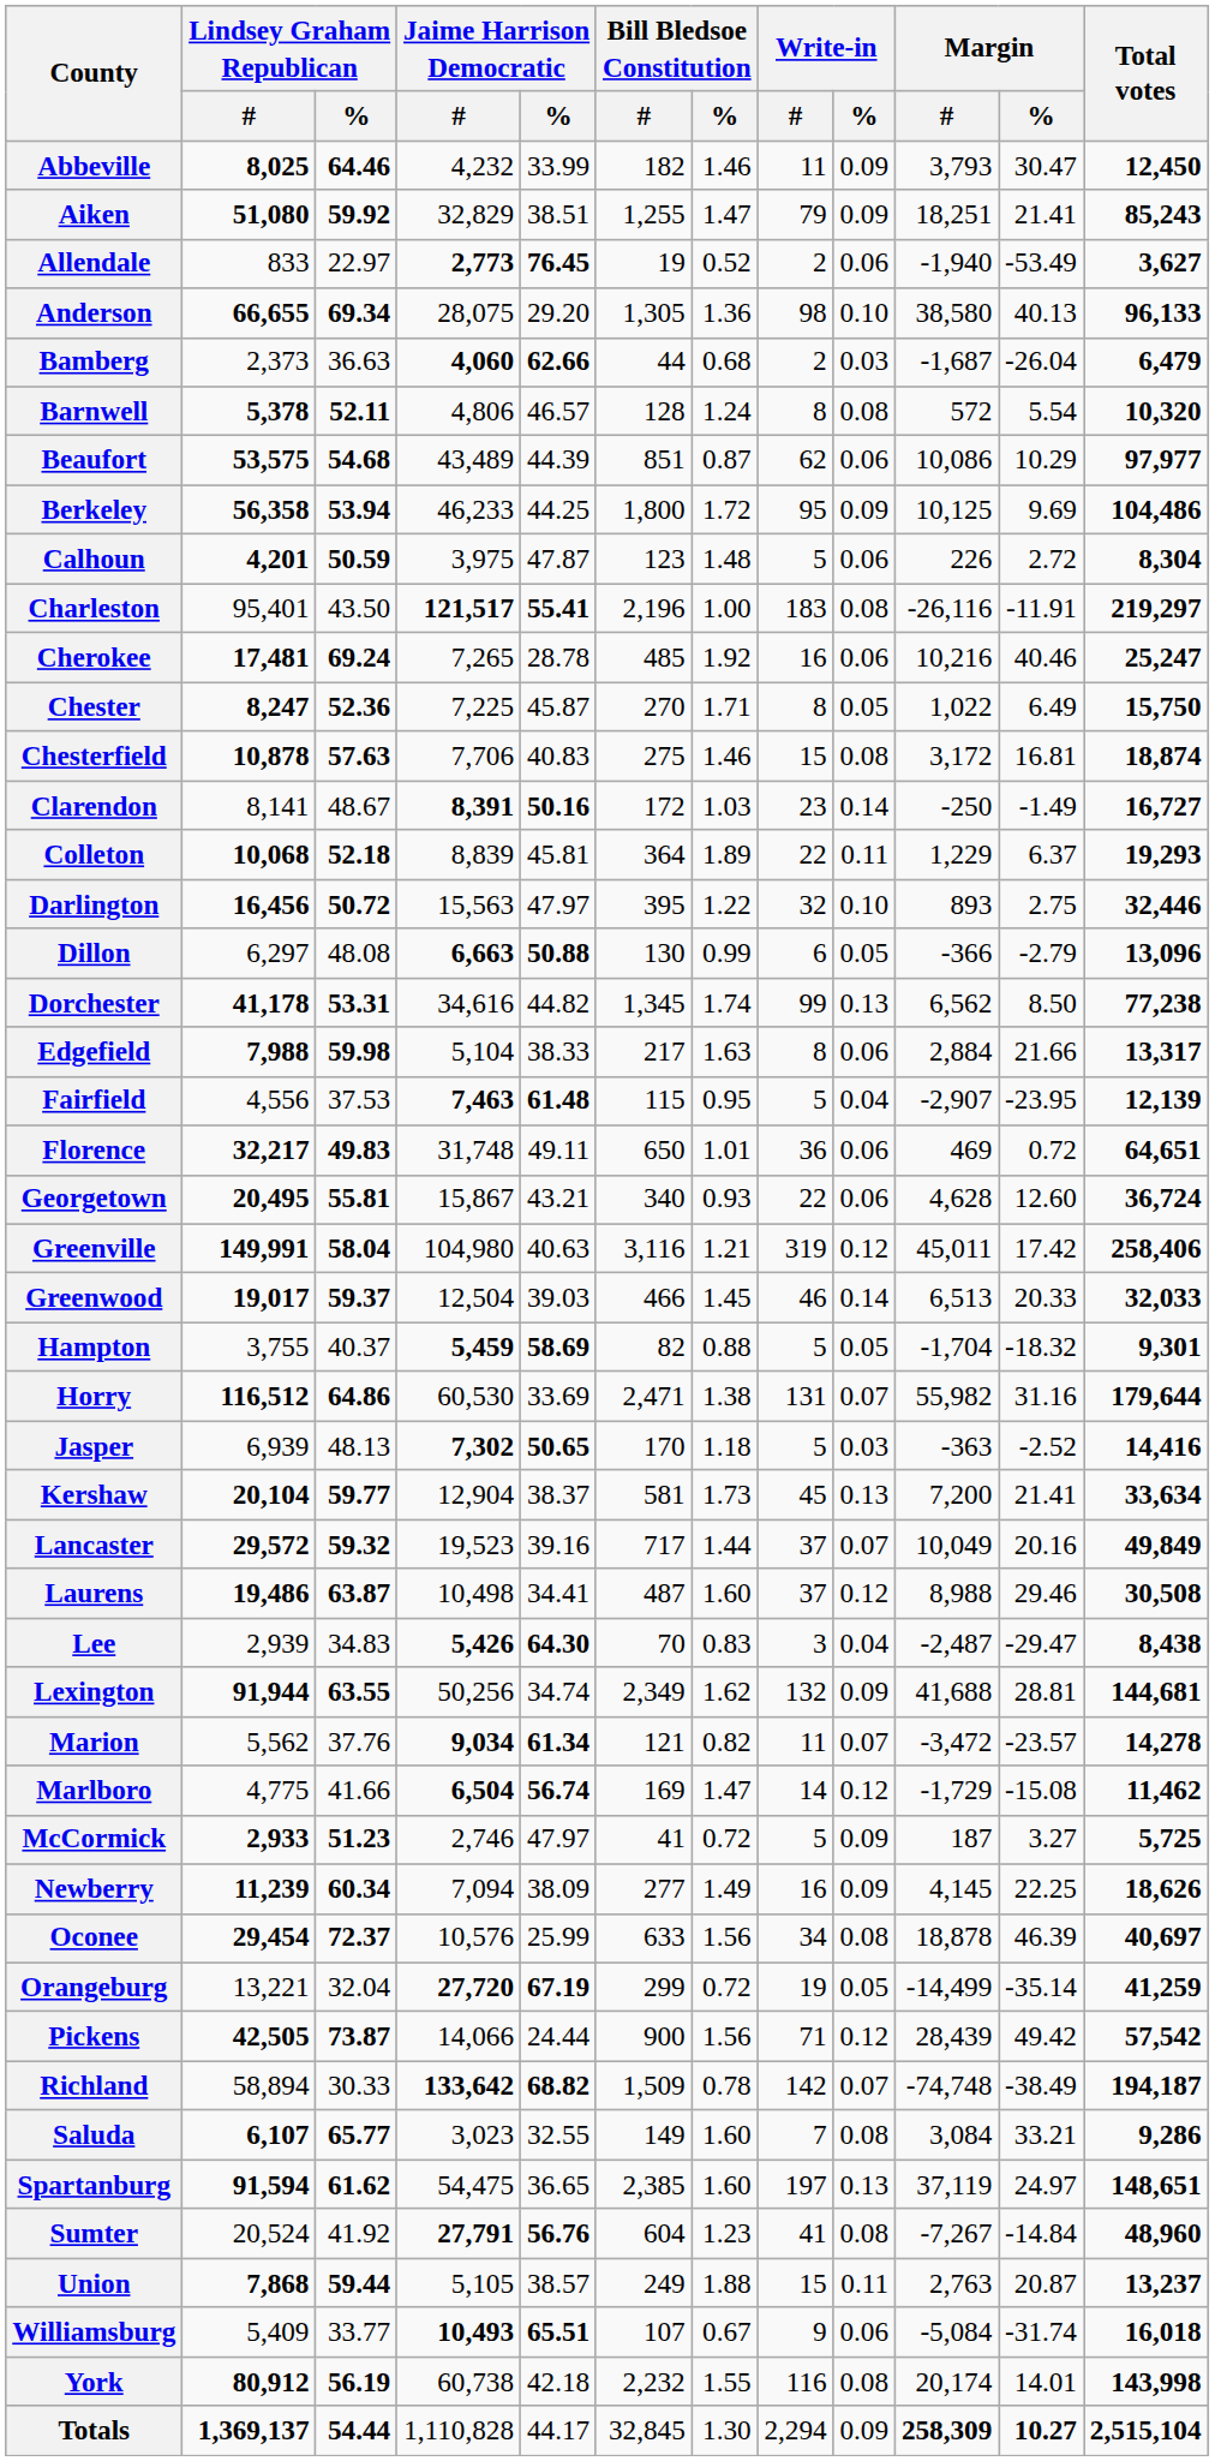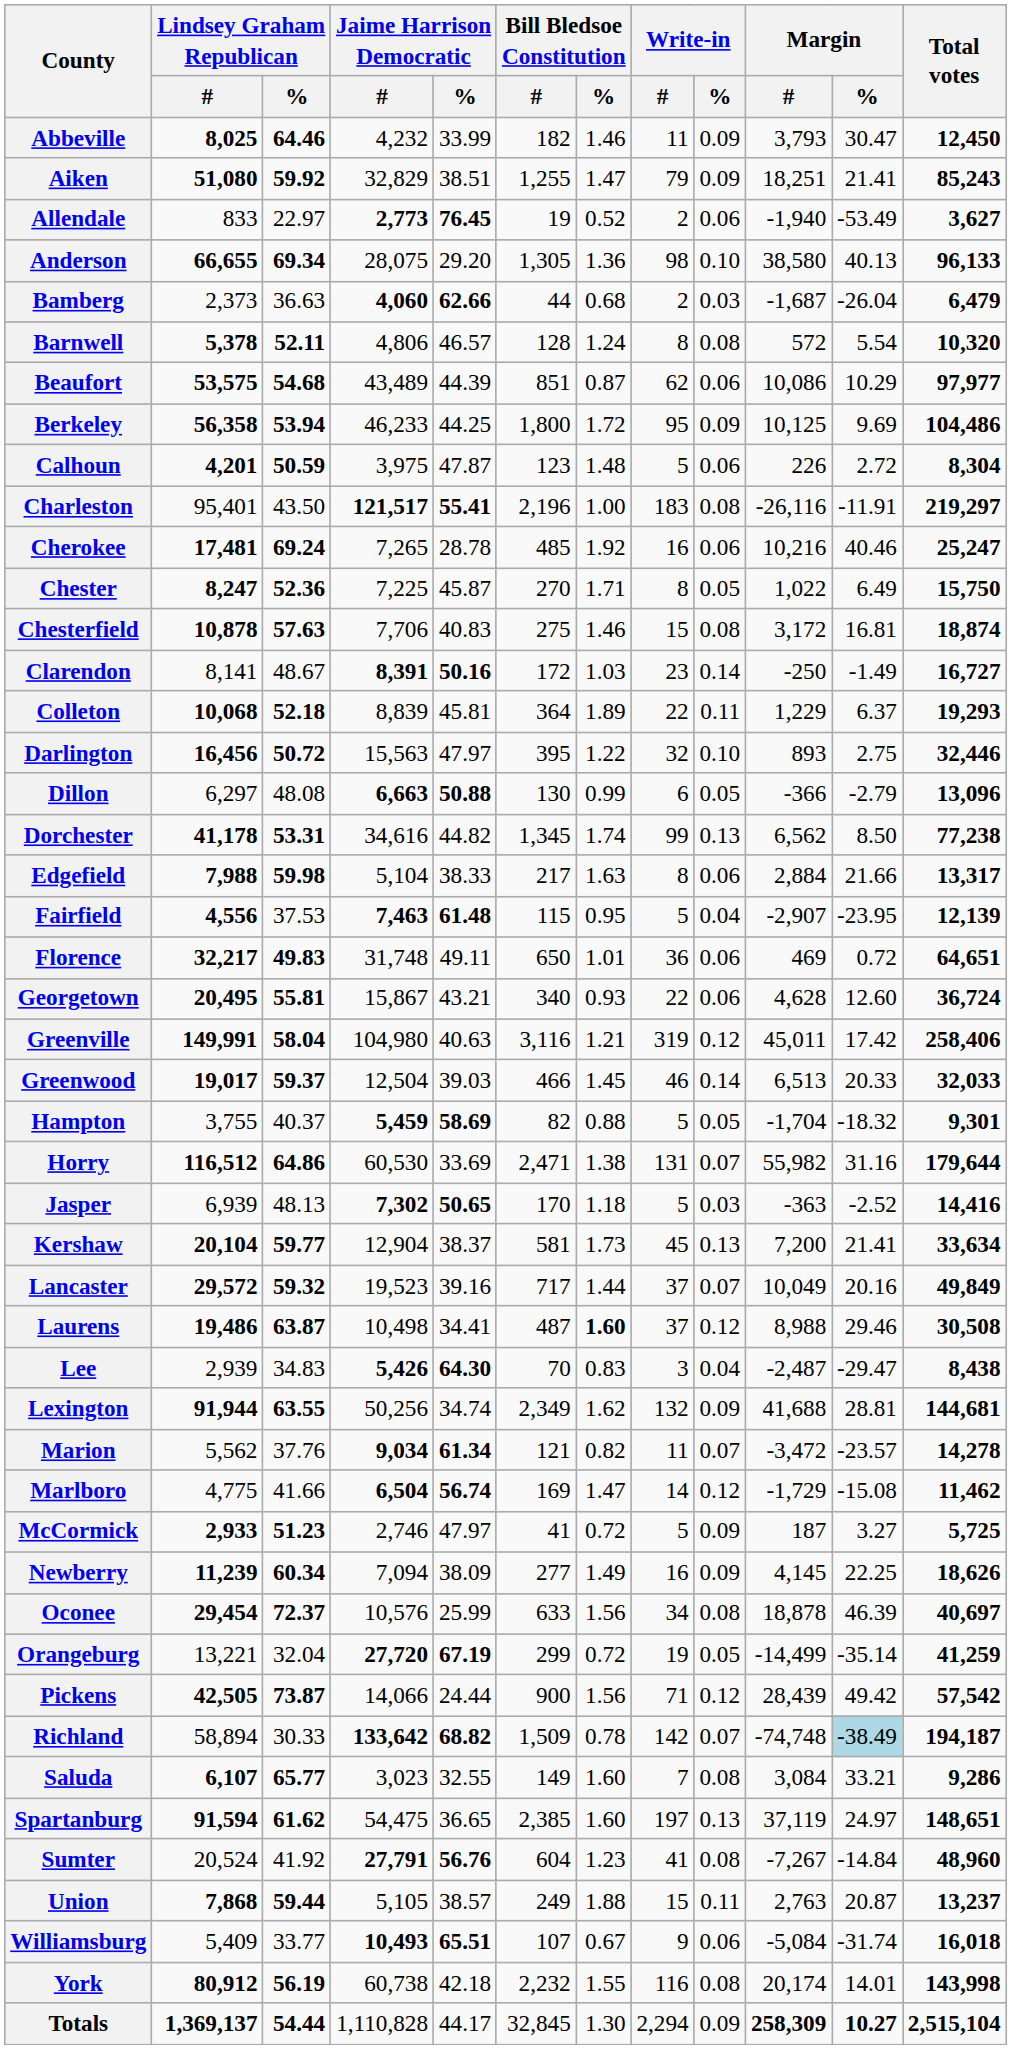 <table class="wikitable sortable" style="text-align:right;font-size:90%;line-height:1.3">
 <tr>
 <th rowspan="2">County</th>
 <th colspan="2"><a href='#'>Lindsey Graham</a><br><a href='#'>Republican</a></th>
 <th colspan="2"><a href='#'>Jaime Harrison</a><br><a href='#'>Democratic</a></th>
 <th colspan="2">Bill Bledsoe<br><a href='#'>Constitution</a></th>
 <th colspan="2"><a href='#'>Write-in</a></th>
 <th colspan="2">Margin</th>
 <th rowspan="2">Total<br>votes</th>
 </tr>
 <tr>
 <th data-sort-type="number">#</th>
 <th data-sort-type="number">%</th>
 <th data-sort-type="number">#</th>
 <th data-sort-type="number">%</th>
 <th data-sort-type="number">#</th>
 <th data-sort-type="number">%</th>
 <th data-sort-type="number">#</th>
 <th data-sort-type="number">%</th>
 <th data-sort-type="number">#</th>
 <th data-sort-type="number">%</th>
 </tr>
 <tr>
 <th><a href='#'>Abbeville</a></th>
 <td><strong>8,025</strong></td>
 <td><strong>64.46</strong></td>
 <td>4,232</td>
 <td>33.99</td>
 <td>182</td>
 <td>1.46</td>
 <td>11</td>
 <td>0.09</td>
 <td>3,793</td>
 <td>30.47</td>
 <td><strong>12,450</strong></td>
 </tr>
 <tr>
 <th><a href='#'>Aiken</a></th>
 <td><strong>51,080</strong></td>
 <td><strong>59.92</strong></td>
 <td>32,829</td>
 <td>38.51</td>
 <td>1,255</td>
 <td>1.47</td>
 <td>79</td>
 <td>0.09</td>
 <td>18,251</td>
 <td>21.41</td>
 <td><strong>85,243</strong></td>
 </tr>
 <tr>
 <th><a href='#'>Allendale</a></th>
 <td>833</td>
 <td>22.97</td>
 <td><strong>2,773</strong></td>
 <td><strong>76.45</strong></td>
 <td>19</td>
 <td>0.52</td>
 <td>2</td>
 <td>0.06</td>
 <td>-1,940</td>
 <td>-53.49</td>
 <td><strong>3,627</strong></td>
 </tr>
 <tr>
 <th><a href='#'>Anderson</a></th>
 <td><strong>66,655</strong></td>
 <td><strong>69.34</strong></td>
 <td>28,075</td>
 <td>29.20</td>
 <td>1,305</td>
 <td>1.36</td>
 <td>98</td>
 <td>0.10</td>
 <td>38,580</td>
 <td>40.13</td>
 <td><strong>96,133</strong></td>
 </tr>
 <tr>
 <th><a href='#'>Bamberg</a></th>
 <td>2,373</td>
 <td>36.63</td>
 <td><strong>4,060</strong></td>
 <td><strong>62.66</strong></td>
 <td>44</td>
 <td>0.68</td>
 <td>2</td>
 <td>0.03</td>
 <td>-1,687</td>
 <td>-26.04</td>
 <td><strong>6,479</strong></td>
 </tr>
 <tr>
 <th><a href='#'>Barnwell</a></th>
 <td><strong>5,378</strong></td>
 <td><strong>52.11</strong></td>
 <td>4,806</td>
 <td>46.57</td>
 <td>128</td>
 <td>1.24</td>
 <td>8</td>
 <td>0.08</td>
 <td>572</td>
 <td>5.54</td>
 <td><strong>10,320</strong></td>
 </tr>
 <tr>
 <th><a href='#'>Beaufort</a></th>
 <td><strong>53,575</strong></td>
 <td><strong>54.68</strong></td>
 <td>43,489</td>
 <td>44.39</td>
 <td>851</td>
 <td>0.87</td>
 <td>62</td>
 <td>0.06</td>
 <td>10,086</td>
 <td>10.29</td>
 <td><strong>97,977</strong></td>
 </tr>
 <tr>
 <th><a href='#'>Berkeley</a></th>
 <td><strong>56,358</strong></td>
 <td><strong>53.94</strong></td>
 <td>46,233</td>
 <td>44.25</td>
 <td>1,800</td>
 <td>1.72</td>
 <td>95</td>
 <td>0.09</td>
 <td>10,125</td>
 <td>9.69</td>
 <td><strong>104,486</strong></td>
 </tr>
 <tr>
 <th><a href='#'>Calhoun</a></th>
 <td><strong>4,201</strong></td>
 <td><strong>50.59</strong></td>
 <td>3,975</td>
 <td>47.87</td>
 <td>123</td>
 <td>1.48</td>
 <td>5</td>
 <td>0.06</td>
 <td>226</td>
 <td>2.72</td>
 <td><strong>8,304</strong></td>
 </tr>
 <tr>
 <th><a href='#'>Charleston</a></th>
 <td>95,401</td>
 <td>43.50</td>
 <td><strong>121,517</strong></td>
 <td><strong>55.41</strong></td>
 <td>2,196</td>
 <td>1.00</td>
 <td>183</td>
 <td>0.08</td>
 <td>-26,116</td>
 <td>-11.91</td>
 <td><strong>219,297</strong></td>
 </tr>
 <tr>
 <th><a href='#'>Cherokee</a></th>
 <td><strong>17,481</strong></td>
 <td><strong>69.24</strong></td>
 <td>7,265</td>
 <td>28.78</td>
 <td>485</td>
 <td>1.92</td>
 <td>16</td>
 <td>0.06</td>
 <td>10,216</td>
 <td>40.46</td>
 <td><strong>25,247</strong></td>
 </tr>
 <tr>
 <th><a href='#'>Chester</a></th>
 <td><strong>8,247</strong></td>
 <td><strong>52.36</strong></td>
 <td>7,225</td>
 <td>45.87</td>
 <td>270</td>
 <td>1.71</td>
 <td>8</td>
 <td>0.05</td>
 <td>1,022</td>
 <td>6.49</td>
 <td><strong>15,750</strong></td>
 </tr>
 <tr>
 <th><a href='#'>Chesterfield</a></th>
 <td><strong>10,878</strong></td>
 <td><strong>57.63</strong></td>
 <td>7,706</td>
 <td>40.83</td>
 <td>275</td>
 <td>1.46</td>
 <td>15</td>
 <td>0.08</td>
 <td>3,172</td>
 <td>16.81</td>
 <td><strong>18,874</strong></td>
 </tr>
 <tr>
 <th><a href='#'>Clarendon</a></th>
 <td>8,141</td>
 <td>48.67</td>
 <td><strong>8,391</strong></td>
 <td><strong>50.16</strong></td>
 <td>172</td>
 <td>1.03</td>
 <td>23</td>
 <td>0.14</td>
 <td>-250</td>
 <td>-1.49</td>
 <td><strong>16,727</strong></td>
 </tr>
 <tr>
 <th><a href='#'>Colleton</a></th>
 <td><strong>10,068</strong></td>
 <td><strong>52.18</strong></td>
 <td>8,839</td>
 <td>45.81</td>
 <td>364</td>
 <td>1.89</td>
 <td>22</td>
 <td>0.11</td>
 <td>1,229</td>
 <td>6.37</td>
 <td><strong>19,293</strong></td>
 </tr>
 <tr>
 <th><a href='#'>Darlington</a></th>
 <td><strong>16,456</strong></td>
 <td><strong>50.72</strong></td>
 <td>15,563</td>
 <td>47.97</td>
 <td>395</td>
 <td>1.22</td>
 <td>32</td>
 <td>0.10</td>
 <td>893</td>
 <td>2.75</td>
 <td><strong>32,446</strong></td>
 </tr>
 <tr>
 <th><a href='#'>Dillon</a></th>
 <td>6,297</td>
 <td>48.08</td>
 <td><strong>6,663</strong></td>
 <td><strong>50.88</strong></td>
 <td>130</td>
 <td>0.99</td>
 <td>6</td>
 <td>0.05</td>
 <td>-366</td>
 <td>-2.79</td>
 <td><strong>13,096</strong></td>
 </tr>
 <tr>
 <th><a href='#'>Dorchester</a></th>
 <td><strong>41,178</strong></td>
 <td><strong>53.31</strong></td>
 <td>34,616</td>
 <td>44.82</td>
 <td>1,345</td>
 <td>1.74</td>
 <td>99</td>
 <td>0.13</td>
 <td>6,562</td>
 <td>8.50</td>
 <td><strong>77,238</strong></td>
 </tr>
 <tr>
 <th><a href='#'>Edgefield</a></th>
 <td><strong>7,988</strong></td>
 <td><strong>59.98</strong></td>
 <td>5,104</td>
 <td>38.33</td>
 <td>217</td>
 <td>1.63</td>
 <td>8</td>
 <td>0.06</td>
 <td>2,884</td>
 <td>21.66</td>
 <td><strong>13,317</strong></td>
 </tr>
 <tr>
 <th><a href='#'>Fairfield</a></th>
-<td>4,556</td>
+<td><strong>4,556</strong></td>
 <td>37.53</td>
 <td><strong>7,463</strong></td>
 <td><strong>61.48</strong></td>
 <td>115</td>
 <td>0.95</td>
 <td>5</td>
 <td>0.04</td>
 <td>-2,907</td>
 <td>-23.95</td>
 <td><strong>12,139</strong></td>
 </tr>
 <tr>
 <th><a href='#'>Florence</a></th>
 <td><strong>32,217</strong></td>
 <td><strong>49.83</strong></td>
 <td>31,748</td>
 <td>49.11</td>
 <td>650</td>
 <td>1.01</td>
 <td>36</td>
 <td>0.06</td>
 <td>469</td>
 <td>0.72</td>
 <td><strong>64,651</strong></td>
 </tr>
 <tr>
 <th><a href='#'>Georgetown</a></th>
 <td><strong>20,495</strong></td>
 <td><strong>55.81</strong></td>
 <td>15,867</td>
 <td>43.21</td>
 <td>340</td>
 <td>0.93</td>
 <td>22</td>
 <td>0.06</td>
 <td>4,628</td>
 <td>12.60</td>
 <td><strong>36,724</strong></td>
 </tr>
 <tr>
 <th><a href='#'>Greenville</a></th>
 <td><strong>149,991</strong></td>
 <td><strong>58.04</strong></td>
 <td>104,980</td>
 <td>40.63</td>
 <td>3,116</td>
 <td>1.21</td>
 <td>319</td>
 <td>0.12</td>
 <td>45,011</td>
 <td>17.42</td>
 <td><strong>258,406</strong></td>
 </tr>
 <tr>
 <th><a href='#'>Greenwood</a></th>
 <td><strong>19,017</strong></td>
 <td><strong>59.37</strong></td>
 <td>12,504</td>
 <td>39.03</td>
 <td>466</td>
 <td>1.45</td>
 <td>46</td>
 <td>0.14</td>
 <td>6,513</td>
 <td>20.33</td>
 <td><strong>32,033</strong></td>
 </tr>
 <tr>
 <th><a href='#'>Hampton</a></th>
 <td>3,755</td>
 <td>40.37</td>
 <td><strong>5,459</strong></td>
 <td><strong>58.69</strong></td>
 <td>82</td>
 <td>0.88</td>
 <td>5</td>
 <td>0.05</td>
 <td>-1,704</td>
 <td>-18.32</td>
 <td><strong>9,301</strong></td>
 </tr>
 <tr>
 <th><a href='#'>Horry</a></th>
 <td><strong>116,512</strong></td>
 <td><strong>64.86</strong></td>
 <td>60,530</td>
 <td>33.69</td>
 <td>2,471</td>
 <td>1.38</td>
 <td>131</td>
 <td>0.07</td>
 <td>55,982</td>
 <td>31.16</td>
 <td><strong>179,644</strong></td>
 </tr>
 <tr>
 <th><a href='#'>Jasper</a></th>
 <td>6,939</td>
 <td>48.13</td>
 <td><strong>7,302</strong></td>
 <td><strong>50.65</strong></td>
 <td>170</td>
 <td>1.18</td>
 <td>5</td>
 <td>0.03</td>
 <td>-363</td>
 <td>-2.52</td>
 <td><strong>14,416</strong></td>
 </tr>
 <tr>
 <th><a href='#'>Kershaw</a></th>
 <td><strong>20,104</strong></td>
 <td><strong>59.77</strong></td>
 <td>12,904</td>
 <td>38.37</td>
 <td>581</td>
 <td>1.73</td>
 <td>45</td>
 <td>0.13</td>
 <td>7,200</td>
 <td>21.41</td>
 <td><strong>33,634</strong></td>
 </tr>
 <tr>
 <th><a href='#'>Lancaster</a></th>
 <td><strong>29,572</strong></td>
 <td><strong>59.32</strong></td>
 <td>19,523</td>
 <td>39.16</td>
 <td>717</td>
 <td>1.44</td>
 <td>37</td>
 <td>0.07</td>
 <td>10,049</td>
 <td>20.16</td>
 <td><strong>49,849</strong></td>
 </tr>
 <tr>
 <th><a href='#'>Laurens</a></th>
 <td><strong>19,486</strong></td>
 <td><strong>63.87</strong></td>
 <td>10,498</td>
 <td>34.41</td>
 <td>487</td>
-<td>1.60</td>
+<td><strong>1.60</strong></td>
 <td>37</td>
 <td>0.12</td>
 <td>8,988</td>
 <td>29.46</td>
 <td><strong>30,508</strong></td>
 </tr>
 <tr>
 <th><a href='#'>Lee</a></th>
 <td>2,939</td>
 <td>34.83</td>
 <td><strong>5,426</strong></td>
 <td><strong>64.30</strong></td>
 <td>70</td>
 <td>0.83</td>
 <td>3</td>
 <td>0.04</td>
 <td>-2,487</td>
 <td>-29.47</td>
 <td><strong>8,438</strong></td>
 </tr>
 <tr>
 <th><a href='#'>Lexington</a></th>
 <td><strong>91,944</strong></td>
 <td><strong>63.55</strong></td>
 <td>50,256</td>
 <td>34.74</td>
 <td>2,349</td>
 <td>1.62</td>
 <td>132</td>
 <td>0.09</td>
 <td>41,688</td>
 <td>28.81</td>
 <td><strong>144,681</strong></td>
 </tr>
 <tr>
 <th><a href='#'>Marion</a></th>
 <td>5,562</td>
 <td>37.76</td>
 <td><strong>9,034</strong></td>
 <td><strong>61.34</strong></td>
 <td>121</td>
 <td>0.82</td>
 <td>11</td>
 <td>0.07</td>
 <td>-3,472</td>
 <td>-23.57</td>
 <td><strong>14,278</strong></td>
 </tr>
 <tr>
 <th><a href='#'>Marlboro</a></th>
 <td>4,775</td>
 <td>41.66</td>
 <td><strong>6,504</strong></td>
 <td><strong>56.74</strong></td>
 <td>169</td>
 <td>1.47</td>
 <td>14</td>
 <td>0.12</td>
 <td>-1,729</td>
 <td>-15.08</td>
 <td><strong>11,462</strong></td>
 </tr>
 <tr>
 <th><a href='#'>McCormick</a></th>
 <td><strong>2,933</strong></td>
 <td><strong>51.23</strong></td>
 <td>2,746</td>
 <td>47.97</td>
 <td>41</td>
 <td>0.72</td>
 <td>5</td>
 <td>0.09</td>
 <td>187</td>
 <td>3.27</td>
 <td><strong>5,725</strong></td>
 </tr>
 <tr>
 <th><a href='#'>Newberry</a></th>
 <td><strong>11,239</strong></td>
 <td><strong>60.34</strong></td>
 <td>7,094</td>
 <td>38.09</td>
 <td>277</td>
 <td>1.49</td>
 <td>16</td>
 <td>0.09</td>
 <td>4,145</td>
 <td>22.25</td>
 <td><strong>18,626</strong></td>
 </tr>
 <tr>
 <th><a href='#'>Oconee</a></th>
 <td><strong>29,454</strong></td>
 <td><strong>72.37</strong></td>
 <td>10,576</td>
 <td>25.99</td>
 <td>633</td>
 <td>1.56</td>
 <td>34</td>
 <td>0.08</td>
 <td>18,878</td>
 <td>46.39</td>
 <td><strong>40,697</strong></td>
 </tr>
 <tr>
 <th><a href='#'>Orangeburg</a></th>
 <td>13,221</td>
 <td>32.04</td>
 <td><strong>27,720</strong></td>
 <td><strong>67.19</strong></td>
 <td>299</td>
 <td>0.72</td>
 <td>19</td>
 <td>0.05</td>
 <td>-14,499</td>
 <td>-35.14</td>
 <td><strong>41,259</strong></td>
 </tr>
 <tr>
 <th><a href='#'>Pickens</a></th>
 <td><strong>42,505</strong></td>
 <td><strong>73.87</strong></td>
 <td>14,066</td>
 <td>24.44</td>
 <td>900</td>
 <td>1.56</td>
 <td>71</td>
 <td>0.12</td>
 <td>28,439</td>
 <td>49.42</td>
 <td><strong>57,542</strong></td>
 </tr>
 <tr>
 <th><a href='#'>Richland</a></th>
 <td>58,894</td>
 <td>30.33</td>
 <td><strong>133,642</strong></td>
 <td><strong>68.82</strong></td>
 <td>1,509</td>
 <td>0.78</td>
 <td>142</td>
 <td>0.07</td>
 <td>-74,748</td>
-<td>-38.49</td>
+<td style="background: lightblue;">-38.49</td>
 <td><strong>194,187</strong></td>
 </tr>
 <tr>
 <th><a href='#'>Saluda</a></th>
 <td><strong>6,107</strong></td>
 <td><strong>65.77</strong></td>
 <td>3,023</td>
 <td>32.55</td>
 <td>149</td>
 <td>1.60</td>
 <td>7</td>
 <td>0.08</td>
 <td>3,084</td>
 <td>33.21</td>
 <td><strong>9,286</strong></td>
 </tr>
 <tr>
 <th><a href='#'>Spartanburg</a></th>
 <td><strong>91,594</strong></td>
 <td><strong>61.62</strong></td>
 <td>54,475</td>
 <td>36.65</td>
 <td>2,385</td>
 <td>1.60</td>
 <td>197</td>
 <td>0.13</td>
 <td>37,119</td>
 <td>24.97</td>
 <td><strong>148,651</strong></td>
 </tr>
 <tr>
 <th><a href='#'>Sumter</a></th>
 <td>20,524</td>
 <td>41.92</td>
 <td><strong>27,791</strong></td>
 <td><strong>56.76</strong></td>
 <td>604</td>
 <td>1.23</td>
 <td>41</td>
 <td>0.08</td>
 <td>-7,267</td>
 <td>-14.84</td>
 <td><strong>48,960</strong></td>
 </tr>
 <tr>
 <th><a href='#'>Union</a></th>
 <td><strong>7,868</strong></td>
 <td><strong>59.44</strong></td>
 <td>5,105</td>
 <td>38.57</td>
 <td>249</td>
 <td>1.88</td>
 <td>15</td>
 <td>0.11</td>
 <td>2,763</td>
 <td>20.87</td>
 <td><strong>13,237</strong></td>
 </tr>
 <tr>
 <th><a href='#'>Williamsburg</a></th>
 <td>5,409</td>
 <td>33.77</td>
 <td><strong>10,493</strong></td>
 <td><strong>65.51</strong></td>
 <td>107</td>
 <td>0.67</td>
 <td>9</td>
 <td>0.06</td>
 <td>-5,084</td>
 <td>-31.74</td>
 <td><strong>16,018</strong></td>
 </tr>
 <tr>
 <th><a href='#'>York</a></th>
 <td><strong>80,912</strong></td>
 <td><strong>56.19</strong></td>
 <td>60,738</td>
 <td>42.18</td>
 <td>2,232</td>
 <td>1.55</td>
 <td>116</td>
 <td>0.08</td>
 <td>20,174</td>
 <td>14.01</td>
 <td><strong>143,998</strong></td>
 </tr>
 <tr class="sortbottom">
 <th>Totals</th>
 <td><strong>1,369,137</strong></td>
 <td><strong>54.44</strong></td>
 <td>1,110,828</td>
 <td>44.17</td>
 <td>32,845</td>
 <td>1.30</td>
 <td>2,294</td>
 <td>0.09</td>
 <td><strong>258,309</strong></td>
 <td><strong>10.27</strong></td>
 <td><strong>2,515,104</strong></td>
 </tr>
 </table>
